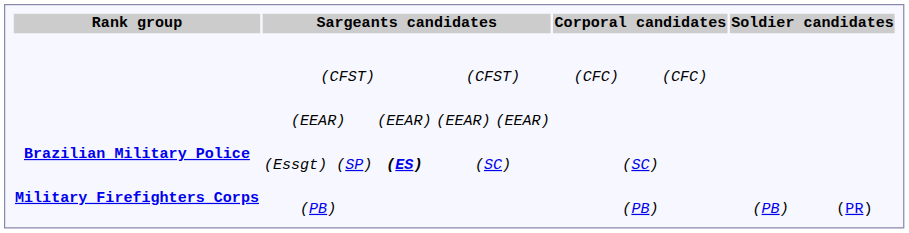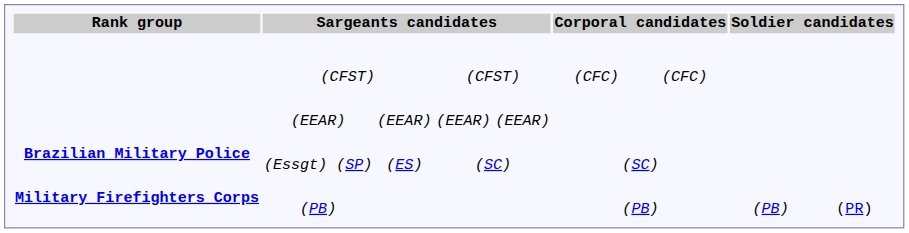 <table style="border:1px solid #8888aa; background-color:#f7f8ff; padding:5px; font-size:95%; margin: 0px 12px 12px 0px; text-align:center;">
 <tr bgcolor="#CCCCCC">
 <th>Rank group</th>
 <th colspan="4">Sargeants candidates</th>
 <th colspan="2">Corporal candidates</th>
 <th colspan="2">Soldier candidates</th>
 </tr>
 <tr>
 <td rowspan="4"><strong></strong></td>
 <td colspan="2"></td>
 <td colspan="2"></td>
 <td colspan="2" rowspan="2"></td>
 <td colspan="2"></td>
 </tr>
 <tr>
 <td colspan="2"></td>
 <td colspan="2"></td>
 <td colspan="2"></td>
 </tr>
 <tr>
 <td colspan="2"></td>
 <td colspan="2"></td>
 <td></td>
 <td></td>
 <td></td>
 <td></td>
 </tr>
 <tr>
 <td colspan="2"><br><em>(CFST)</em></td>
 <td colspan="2"><br><em>(CFST)</em></td>
 <td><br><em>(CFC)</em></td>
 <td><br><em>(CFC)</em></td>
 <td></td>
 </tr>
 <tr>
 <td rowspan="2"><strong></strong></td>
 <td></td>
 <td></td>
 <td></td>
 <td></td>
 <td colspan="2" rowspan="2"></td>
 <td colspan="2"></td>
 </tr>
 <tr>
 <td><br><em>(EEAR)</em></td>
 <td><br><em>(EEAR)</em></td>
 <td><br><em>(EEAR)</em></td>
 <td><br><em>(EEAR)</em></td>
 <td colspan="2"></td>
 </tr>
 <tr>
 <td rowspan="2"><strong> <a href='#'>Brazilian Military Police</a></strong></td>
 <td></td>
 <td></td>
 <td colspan="2"></td>
 <td colspan="2"></td>
 <td colspan="2" rowspan="2"></td>
 </tr>
 <tr>
 <td><br><em>(Essgt) (<a href='#'>SP</a>)</em></td>
-<td><strong><br><em>(<a href='#'>ES</a>)</em></strong></td>
+<td><br><em>(<a href='#'>ES</a>)</em></td>
 <td colspan="2"><br><em>(<a href='#'>SC</a>)</em></td>
 <td colspan="2"><br><em>(<a href='#'>SC</a>)</em></td>
 </tr>
 <tr>
 <td rowspan="2"> <strong><a href='#'>Military Firefighters Corps</a></strong></td>
 <td></td>
 <td></td>
 <td></td>
 <td></td>
 <td colspan="2"></td>
 <td></td>
 <td></td>
 </tr>
 <tr>
 <td><br><em>(<a href='#'>PB</a>)</em></td>
 <td></td>
 <td></td>
 <td></td>
 <td colspan="2"><br><em>(<a href='#'>PB</a>)</em></td>
 <td><br><em>(<a href='#'>PB</a>)</em></td>
 <td><br>(<a href='#'>PR</a>)</td>
 </tr>
 </table>
